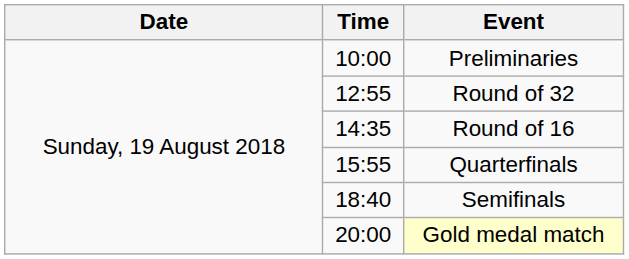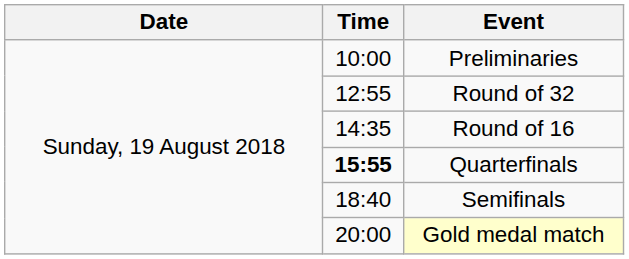 <table class = "wikitable" style="text-align:center;">
 <tr>
 <th width=220>Date</th>
 <th width=50>Time</th>
 <th width=150>Event</th>
 </tr>
 <tr>
 <td rowspan=6>Sunday, 19 August 2018</td>
 <td>10:00</td>
 <td>Preliminaries</td>
 </tr>
 <tr>
 <td>12:55</td>
 <td>Round of 32</td>
 </tr>
 <tr>
 <td>14:35</td>
 <td>Round of 16</td>
 </tr>
 <tr>
-<td>15:55</td>
+<td><strong>15:55</strong></td>
 <td>Quarterfinals</td>
 </tr>
 <tr>
 <td>18:40</td>
 <td>Semifinals</td>
 </tr>
 <tr>
 <td>20:00</td>
 <td bgcolor=ffffcc>Gold medal match</td>
 </tr>
 </table>
